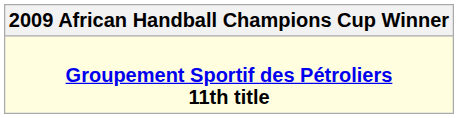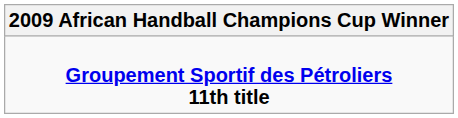 <table class=wikitable style="text-align:center; margin:auto">
 <tr>
 <th>2009 African Handball Champions Cup Winner</th>
 </tr>
 <tr>
-<td style="background: lightyellow;"><br><strong><a href='#'>Groupement Sportif des Pétroliers</a></strong><br><strong>11th title</strong></td>
+<td><br><strong><a href='#'>Groupement Sportif des Pétroliers</a></strong><br><strong>11th title</strong></td>
 </tr>
 </table>
